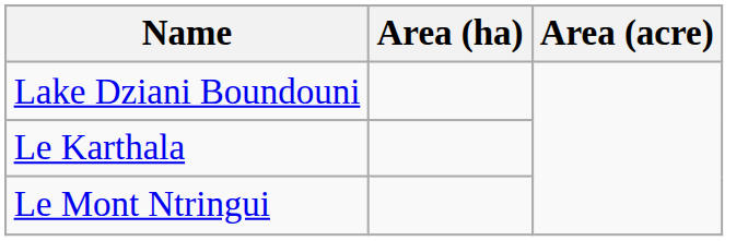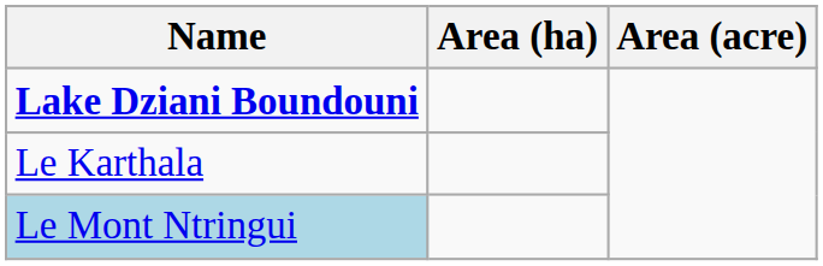 <table class="wikitable sortable">
 <tr>
 <th scope="col" align=left>Name</th>
 <th scope="col">Area (ha)</th>
 <th scope="col">Area (acre)</th>
 </tr>
 <tr ---->
-<td><a href='#'>Lake Dziani Boundouni</a></td>
+<td><strong><a href='#'>Lake Dziani Boundouni</a></strong></td>
 <td></td>
 </tr>
 <tr ---->
 <td><a href='#'>Le Karthala</a></td>
 <td></td>
 </tr>
 <tr ---->
-<td><a href='#'>Le Mont Ntringui</a></td>
+<td style="background: lightblue;"><a href='#'>Le Mont Ntringui</a></td>
 <td></td>
 </tr>
 </table>
